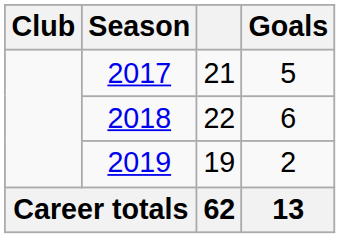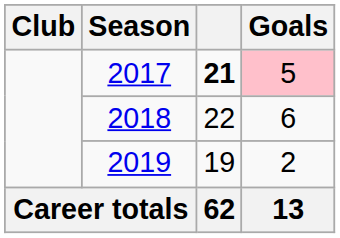 <table class="wikitable" style="text-align:center;">
 <tr>
 <th scope="col">Club</th>
 <th scope="col">Season</th>
 <th scope="col"></th>
 <th scope="col">Goals</th>
 </tr>
 <tr>
 <td rowspan=3 !!><a href='#'></a></td>
 <td><a href='#'>2017</a></td>
-<td>21</td>
-<td>5</td>
+<td><strong>21</strong></td>
+<td style="background: pink;">5</td>
 </tr>
 <tr>
 <td><a href='#'>2018</a></td>
 <td>22</td>
 <td>6</td>
 </tr>
 <tr>
 <td><a href='#'>2019</a></td>
 <td>19</td>
 <td>2</td>
 </tr>
 <tr>
 <th colspan=2 scope="row">Career totals</th>
 <th>62</th>
 <th>13</th>
 </tr>
 </table>
